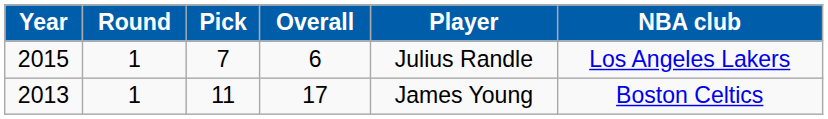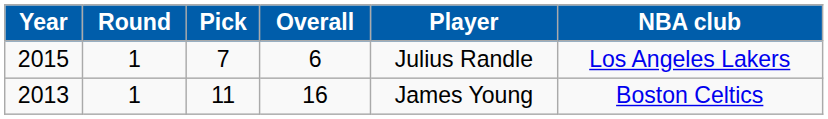 <table class="wikitable" width="45%">
 <tr align="center"  style="background:#005DAA;color:#FFFFFF;">
 <td><strong>Year</strong></td>
 <td><strong>Round</strong></td>
 <td><strong>Pick</strong></td>
 <td><strong>Overall</strong></td>
 <td><strong>Player</strong></td>
 <td><strong>NBA club</strong></td>
 </tr>
 <tr align="center" bgcolor="">
 <td>2015</td>
 <td>1</td>
 <td>7</td>
 <td>6</td>
 <td>Julius Randle</td>
 <td><a href='#'>Los Angeles Lakers</a></td>
 </tr>
 <tr align="center" bgcolor="">
 <td>2013</td>
 <td>1</td>
 <td>11</td>
-<td>17</td>
+<td>16</td>
 <td>James Young</td>
 <td><a href='#'>Boston Celtics</a></td>
 </tr>
 </table>
